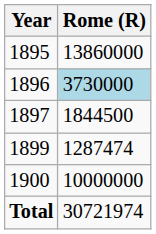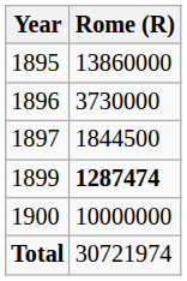 <table class="wikitable sortable">
 <tr>
 <th>Year</th>
 <th>Rome (R)</th>
 </tr>
 <tr>
 <td>1895</td>
 <td>13860000</td>
 </tr>
 <tr>
 <td>1896</td>
-<td style="background: lightblue;">3730000</td>
+<td>3730000</td>
 </tr>
 <tr>
 <td>1897</td>
 <td>1844500</td>
 </tr>
 <tr>
 <td>1899</td>
-<td>1287474</td>
+<td><strong>1287474</strong></td>
 </tr>
 <tr>
 <td>1900</td>
 <td>10000000</td>
 </tr>
 <tr>
 <td><strong>Total</strong></td>
 <td>30721974<strong></strong></td>
 </tr>
 </table>
